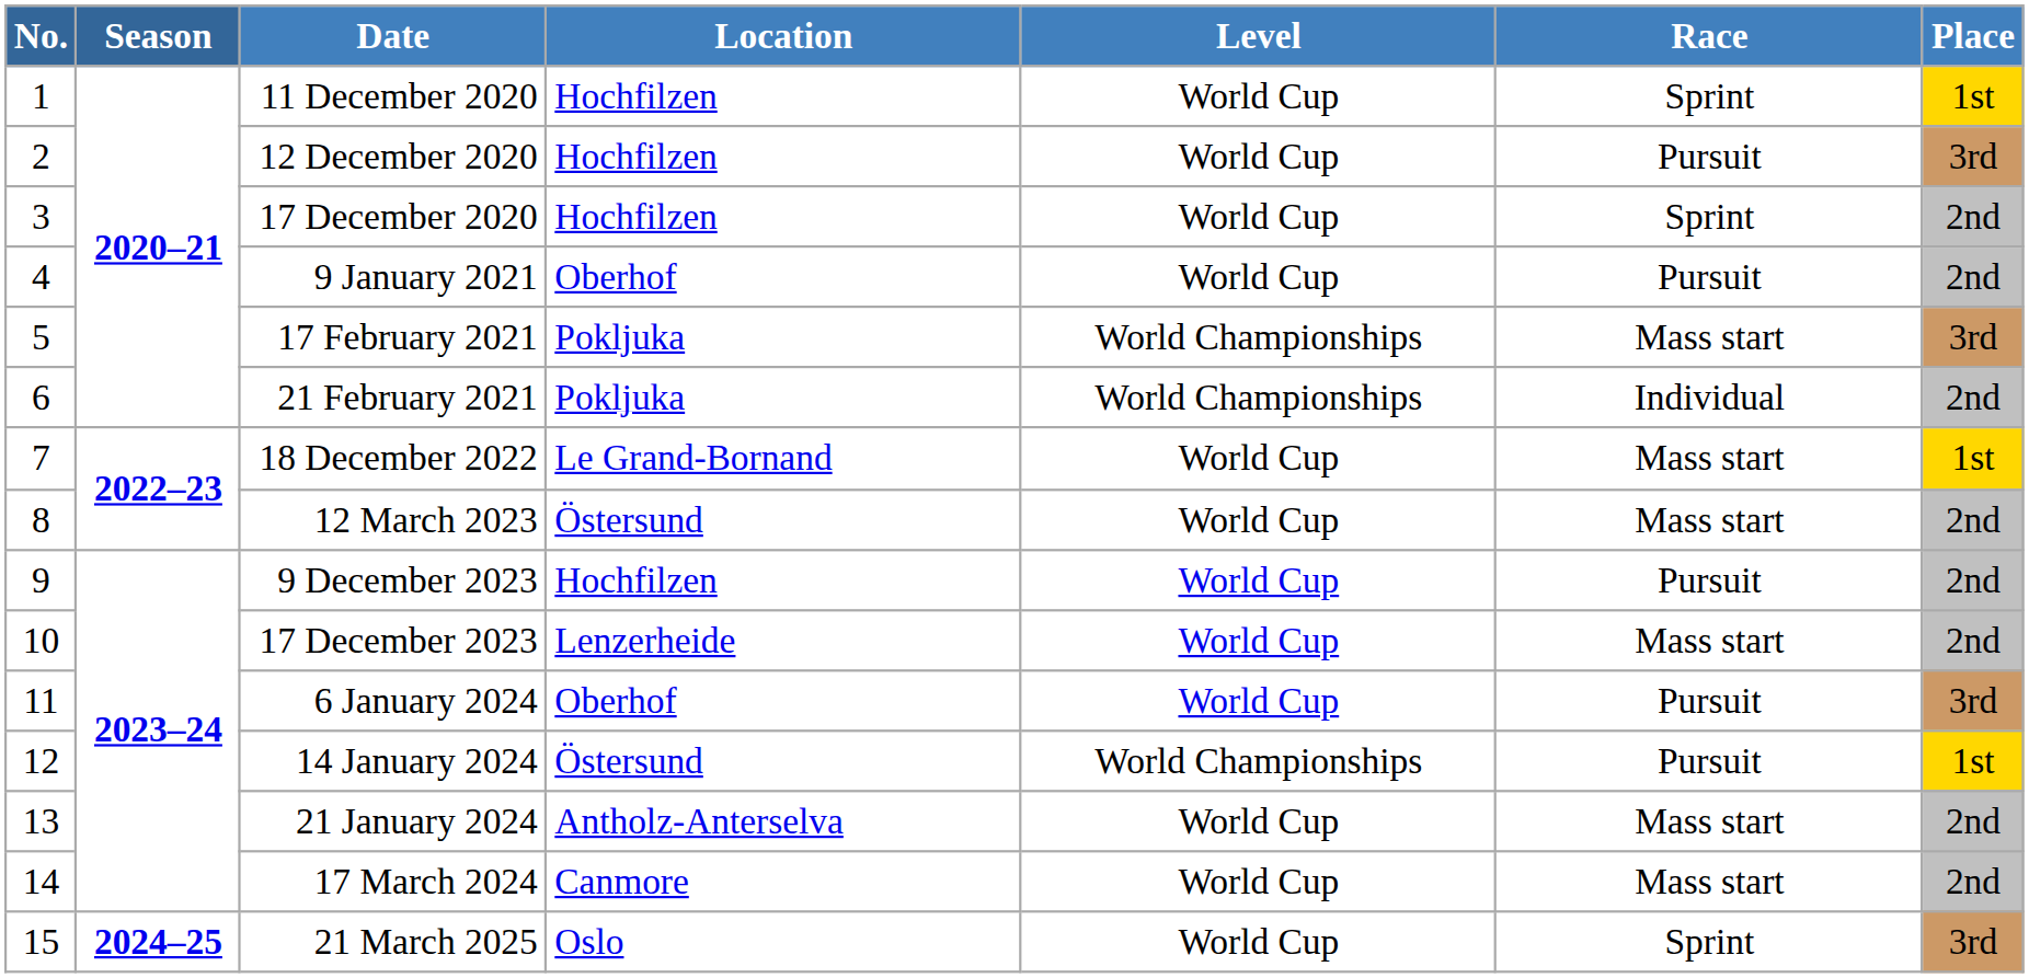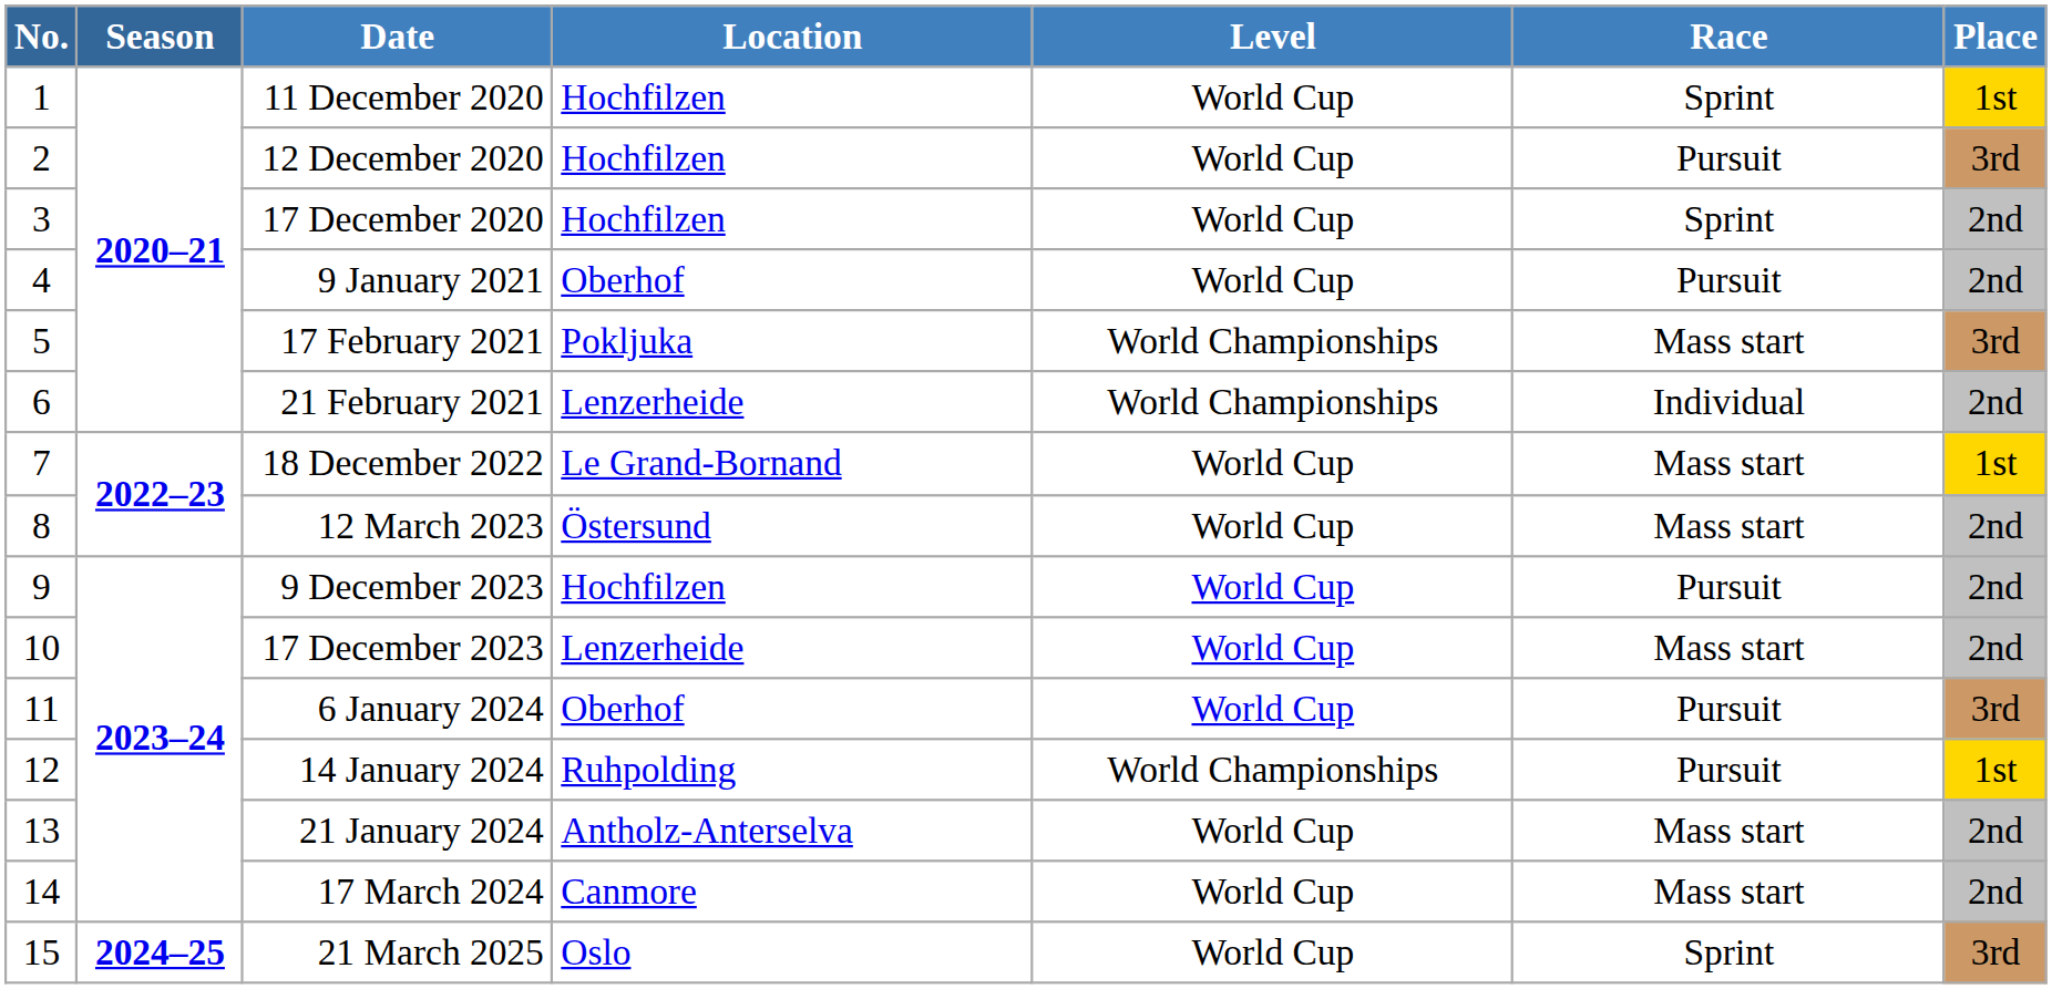 <table class="wikitable sortable" style="font-size:95%; text-align:center; border:grey solid 1px; border-collapse:collapse; background:#ffffff;">
 <tr style="background:#efefef;">
 <th style="background-color:#369; color:white;">No.</th>
 <th style="background-color:#369; color:white;">Season</th>
 <th style="background-color:#4180be; color:white; width:120px;">Date</th>
 <th style="background-color:#4180be; color:white; width:190px;">Location</th>
 <th style="background-color:#4180be; color:white; width:190px;">Level</th>
 <th style="background-color:#4180be; color:white; width:170px;">Race</th>
 <th style="background-color:#4180be; color:white;">Place</th>
 </tr>
 <tr>
 <td align=center>1</td>
 <td rowspan="6" align="center"><strong> <a href='#'>2020–21</a> </strong></td>
 <td align=right>11 December 2020</td>
 <td align=left> <a href='#'>Hochfilzen</a></td>
 <td>World Cup</td>
 <td>Sprint</td>
 <td bgcolor="gold">1st</td>
 </tr>
 <tr>
 <td align=center>2</td>
 <td align=right>12 December 2020</td>
 <td align=left> <a href='#'>Hochfilzen</a></td>
 <td>World Cup</td>
 <td>Pursuit</td>
 <td bgcolor="cc9966">3rd</td>
 </tr>
 <tr>
 <td align=center>3</td>
 <td align=right>17 December 2020</td>
 <td align=left> <a href='#'>Hochfilzen</a></td>
 <td>World Cup</td>
 <td>Sprint</td>
 <td bgcolor="silver">2nd</td>
 </tr>
 <tr>
 <td align=center>4</td>
 <td align=right>9 January 2021</td>
 <td align=left> <a href='#'>Oberhof</a></td>
 <td>World Cup</td>
 <td>Pursuit</td>
 <td bgcolor="silver">2nd</td>
 </tr>
 <tr>
 <td align=center>5</td>
 <td align=right>17 February 2021</td>
 <td align=left> <a href='#'>Pokljuka</a></td>
 <td>World Championships</td>
 <td>Mass start</td>
 <td bgcolor="cc9966">3rd</td>
 </tr>
 <tr>
 <td align=center>6</td>
 <td align=right>21 February 2021</td>
-<td align=left> <a href='#'>Pokljuka</a></td>
+<td align=left> <a href='#'>Lenzerheide</a></td>
 <td>World Championships</td>
 <td>Individual</td>
 <td bgcolor="silver">2nd</td>
 </tr>
 <tr>
 <td align=center>7</td>
 <td rowspan="2" align="center"><strong> <a href='#'>2022–23</a> </strong></td>
 <td align=right>18 December 2022</td>
 <td align=left> <a href='#'>Le Grand-Bornand</a></td>
 <td>World Cup</td>
 <td>Mass start</td>
 <td bgcolor="gold">1st</td>
 </tr>
 <tr>
 <td align=center>8</td>
 <td align=right>12 March 2023</td>
 <td align=left> <a href='#'>Östersund</a></td>
 <td>World Cup</td>
 <td>Mass start</td>
 <td bgcolor="silver">2nd</td>
 </tr>
 <tr>
 <td align=center>9</td>
 <td rowspan="6" align="center"><strong> <a href='#'>2023–24</a> </strong></td>
 <td align=right>9 December 2023</td>
 <td align=left> <a href='#'>Hochfilzen</a></td>
 <td><a href='#'>World Cup</a></td>
 <td>Pursuit</td>
 <td bgcolor="silver">2nd</td>
 </tr>
 <tr>
 <td align=center>10</td>
 <td align=right>17 December 2023</td>
 <td align=left> <a href='#'>Lenzerheide</a></td>
 <td><a href='#'>World Cup</a></td>
 <td>Mass start</td>
 <td bgcolor="silver">2nd</td>
 </tr>
 <tr>
 <td align=center>11</td>
 <td align=right>6 January 2024</td>
 <td align=left> <a href='#'>Oberhof</a></td>
 <td><a href='#'>World Cup</a></td>
 <td>Pursuit</td>
 <td bgcolor="cc9966">3rd</td>
 </tr>
 <tr>
 <td align=center>12</td>
 <td align=right>14 January 2024</td>
-<td align=left> <a href='#'>Östersund</a></td>
+<td align=left> <a href='#'>Ruhpolding</a></td>
 <td>World Championships</td>
 <td>Pursuit</td>
 <td bgcolor="gold">1st</td>
 </tr>
 <tr>
 <td align=center>13</td>
 <td align=right>21 January 2024</td>
 <td align=left> <a href='#'>Antholz-Anterselva</a></td>
 <td>World Cup</td>
 <td>Mass start</td>
 <td bgcolor="silver">2nd</td>
 </tr>
 <tr>
 <td align=center>14</td>
 <td align=right>17 March 2024</td>
 <td align=left> <a href='#'>Canmore</a></td>
 <td>World Cup</td>
 <td>Mass start</td>
 <td bgcolor="silver">2nd</td>
 </tr>
 <tr>
 <td align=center>15</td>
 <td rowspan="1" align="center"><strong> <a href='#'>2024–25</a> </strong></td>
 <td align=right>21 March 2025</td>
 <td align=left> <a href='#'>Oslo</a></td>
 <td>World Cup</td>
 <td>Sprint</td>
 <td bgcolor="cc9966">3rd</td>
 </tr>
 </table>
